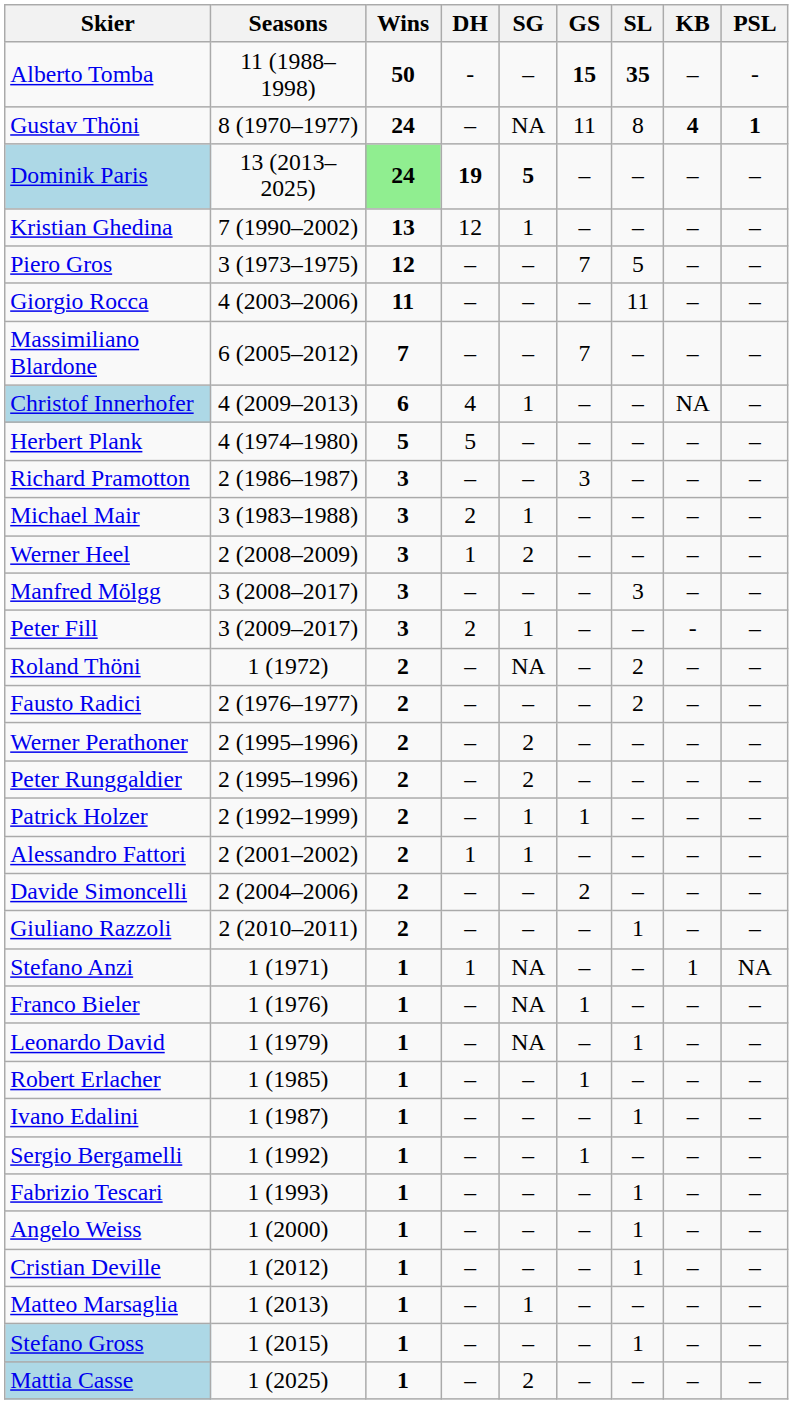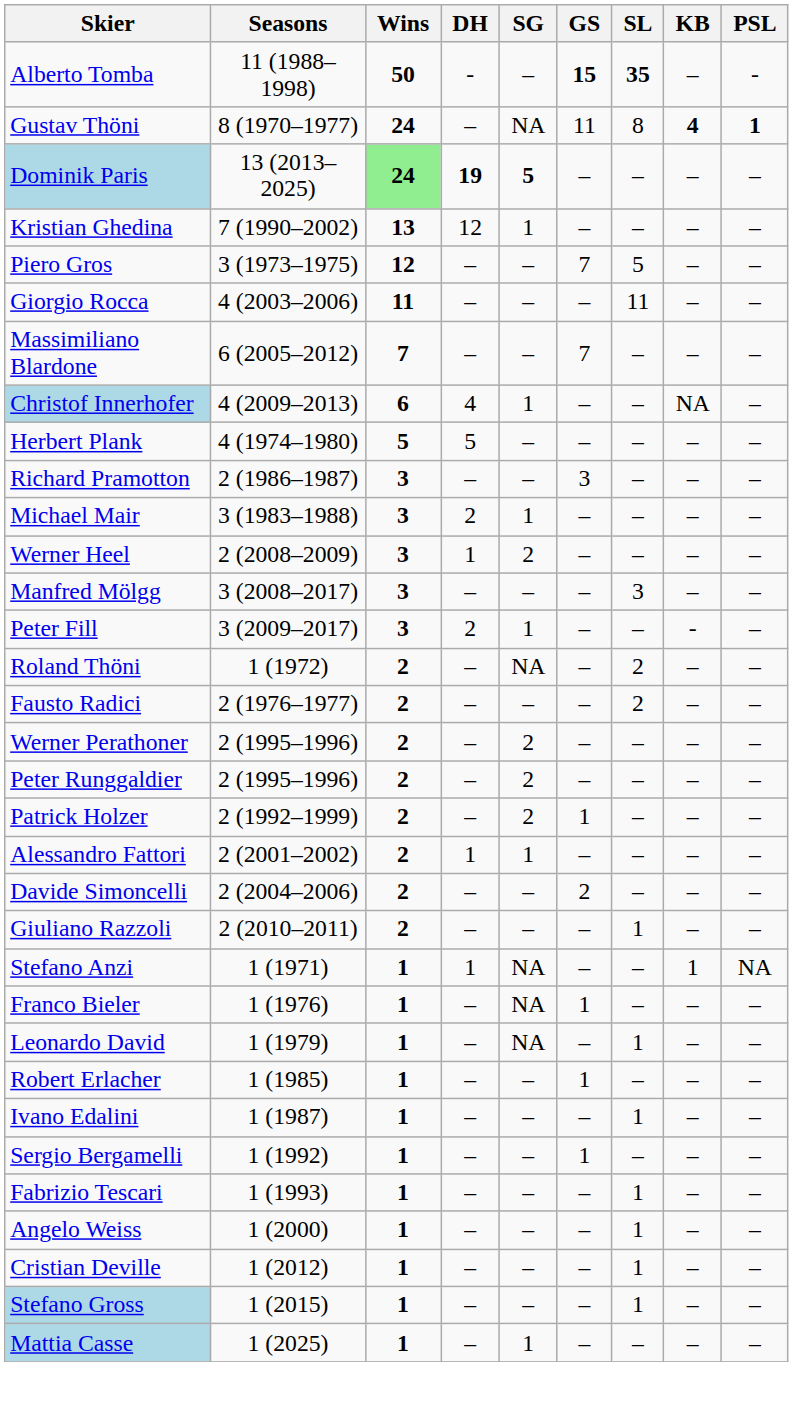 <table class="wikitable sorta le" width=60% style="font-size:100%; text-align:center;">
 <tr>
 <th style="width:20%">Skier</th>
 <th style="width:15%">Seasons</th>
 <th style="width:5%">Wins</th>
 <th style="width:5%">DH</th>
 <th style="width:5%">SG</th>
 <th style="width:5%">GS</th>
 <th style="width:5%">SL</th>
 <th style="width:5%">KB</th>
 <th style="width:5%">PSL</th>
 </tr>
 <tr>
 <td align=left><a href='#'>Alberto Tomba</a></td>
 <td>11 (1988–1998)</td>
 <td><strong>50</strong></td>
 <td>-</td>
 <td>–</td>
 <td><strong>15</strong></td>
 <td><strong>35</strong></td>
 <td>–</td>
 <td>-</td>
 </tr>
 <tr>
 <td align=left><a href='#'>Gustav Thöni</a></td>
 <td>8 (1970–1977)</td>
 <td><strong>24</strong></td>
 <td>–</td>
 <td>NA</td>
 <td>11</td>
 <td>8</td>
 <td><strong>4</strong></td>
 <td><strong>1</strong></td>
 </tr>
 <tr>
 <td bgcolor=lightblue align=left><a href='#'>Dominik Paris</a></td>
 <td>13 (2013–2025)</td>
 <td style="background: lightgreen;"><strong>24</strong></td>
 <td><strong>19</strong></td>
 <td><strong>5</strong></td>
 <td>–</td>
 <td>–</td>
 <td>–</td>
 <td>–</td>
 </tr>
 <tr>
 <td align=left><a href='#'>Kristian Ghedina</a></td>
 <td>7 (1990–2002)</td>
 <td><strong>13</strong></td>
 <td>12</td>
 <td>1</td>
 <td>–</td>
 <td>–</td>
 <td>–</td>
 <td>–</td>
 </tr>
 <tr>
 <td align=left><a href='#'>Piero Gros</a></td>
 <td>3 (1973–1975)</td>
 <td><strong>12</strong></td>
 <td>–</td>
 <td>–</td>
 <td>7</td>
 <td>5</td>
 <td>–</td>
 <td>–</td>
 </tr>
 <tr>
 <td align=left><a href='#'>Giorgio Rocca</a></td>
 <td>4 (2003–2006)</td>
 <td><strong>11</strong></td>
 <td>–</td>
 <td>–</td>
 <td>–</td>
 <td>11</td>
 <td>–</td>
 <td>–</td>
 </tr>
 <tr>
 <td align=left><a href='#'>Massimiliano Blardone</a></td>
 <td>6 (2005–2012)</td>
 <td><strong>7</strong></td>
 <td>–</td>
 <td>–</td>
 <td>7</td>
 <td>–</td>
 <td>–</td>
 <td>–</td>
 </tr>
 <tr>
 <td bgcolor=lightblue align=left><a href='#'>Christof Innerhofer</a></td>
 <td>4 (2009–2013)</td>
 <td><strong>6</strong></td>
 <td>4</td>
 <td>1</td>
 <td>–</td>
 <td>–</td>
 <td>NA</td>
 <td>–</td>
 </tr>
 <tr>
 <td align=left><a href='#'>Herbert Plank</a></td>
 <td>4 (1974–1980)</td>
 <td><strong>5</strong></td>
 <td>5</td>
 <td>–</td>
 <td>–</td>
 <td>–</td>
 <td>–</td>
 <td>–</td>
 </tr>
 <tr>
 <td align=left><a href='#'>Richard Pramotton</a></td>
 <td>2 (1986–1987)</td>
 <td><strong>3</strong></td>
 <td>–</td>
 <td>–</td>
 <td>3</td>
 <td>–</td>
 <td>–</td>
 <td>–</td>
 </tr>
 <tr>
 <td align=left><a href='#'>Michael Mair</a></td>
 <td>3 (1983–1988)</td>
 <td><strong>3</strong></td>
 <td>2</td>
 <td>1</td>
 <td>–</td>
 <td>–</td>
 <td>–</td>
 <td>–</td>
 </tr>
 <tr>
 <td align=left><a href='#'>Werner Heel</a></td>
 <td>2 (2008–2009)</td>
 <td><strong>3</strong></td>
 <td>1</td>
 <td>2</td>
 <td>–</td>
 <td>–</td>
 <td>–</td>
 <td>–</td>
 </tr>
 <tr>
 <td align=left><a href='#'>Manfred Mölgg</a></td>
 <td>3 (2008–2017)</td>
 <td><strong>3</strong></td>
 <td>–</td>
 <td>–</td>
 <td>–</td>
 <td>3</td>
 <td>–</td>
 <td>–</td>
 </tr>
 <tr>
 <td align=left><a href='#'>Peter Fill</a></td>
 <td>3 (2009–2017)</td>
 <td><strong>3</strong></td>
 <td>2</td>
 <td>1</td>
 <td>–</td>
 <td>–</td>
 <td>-</td>
 <td>–</td>
 </tr>
 <tr>
 <td align=left><a href='#'>Roland Thöni</a></td>
 <td>1 (1972)</td>
 <td><strong>2</strong></td>
 <td>–</td>
 <td>NA</td>
 <td>–</td>
 <td>2</td>
 <td>–</td>
 <td>–</td>
 </tr>
 <tr>
 <td align=left><a href='#'>Fausto Radici</a></td>
 <td>2 (1976–1977)</td>
 <td><strong>2</strong></td>
 <td>–</td>
 <td>–</td>
 <td>–</td>
 <td>2</td>
 <td>–</td>
 <td>–</td>
 </tr>
 <tr>
 <td align=left><a href='#'>Werner Perathoner</a></td>
 <td>2 (1995–1996)</td>
 <td><strong>2</strong></td>
 <td>–</td>
 <td>2</td>
 <td>–</td>
 <td>–</td>
 <td>–</td>
 <td>–</td>
 </tr>
 <tr>
 <td align=left><a href='#'>Peter Runggaldier</a></td>
 <td>2 (1995–1996)</td>
 <td><strong>2</strong></td>
 <td>–</td>
 <td>2</td>
 <td>–</td>
 <td>–</td>
 <td>–</td>
 <td>–</td>
 </tr>
 <tr>
 <td align=left><a href='#'>Patrick Holzer</a></td>
 <td>2 (1992–1999)</td>
 <td><strong>2</strong></td>
 <td>–</td>
-<td>1</td>
+<td>2</td>
 <td>1</td>
 <td>–</td>
 <td>–</td>
 <td>–</td>
 </tr>
 <tr>
 <td align=left><a href='#'>Alessandro Fattori</a></td>
 <td>2 (2001–2002)</td>
 <td><strong>2</strong></td>
 <td>1</td>
 <td>1</td>
 <td>–</td>
 <td>–</td>
 <td>–</td>
 <td>–</td>
 </tr>
 <tr>
 <td align=left><a href='#'>Davide Simoncelli</a></td>
 <td>2 (2004–2006)</td>
 <td><strong>2</strong></td>
 <td>–</td>
 <td>–</td>
 <td>2</td>
 <td>–</td>
 <td>–</td>
 <td>–</td>
 </tr>
 <tr>
 <td align=left><a href='#'>Giuliano Razzoli</a></td>
 <td>2 (2010–2011)</td>
 <td><strong>2</strong></td>
 <td>–</td>
 <td>–</td>
 <td>–</td>
 <td>1</td>
 <td>–</td>
 <td>–</td>
 </tr>
 <tr>
 <td align=left><a href='#'>Stefano Anzi</a></td>
 <td>1 (1971)</td>
 <td><strong>1</strong></td>
 <td>1</td>
 <td>NA</td>
 <td>–</td>
 <td>–</td>
 <td>1</td>
 <td>NA</td>
 </tr>
 <tr>
 <td align=left><a href='#'>Franco Bieler</a></td>
 <td>1 (1976)</td>
 <td><strong>1</strong></td>
 <td>–</td>
 <td>NA</td>
 <td>1</td>
 <td>–</td>
 <td>–</td>
 <td>–</td>
 </tr>
 <tr>
 <td align=left><a href='#'>Leonardo David</a></td>
 <td>1 (1979)</td>
 <td><strong>1</strong></td>
 <td>–</td>
 <td>NA</td>
 <td>–</td>
 <td>1</td>
 <td>–</td>
 <td>–</td>
 </tr>
 <tr>
 <td align=left><a href='#'>Robert Erlacher</a></td>
 <td>1 (1985)</td>
 <td><strong>1</strong></td>
 <td>–</td>
 <td>–</td>
 <td>1</td>
 <td>–</td>
 <td>–</td>
 <td>–</td>
 </tr>
 <tr>
 <td align=left><a href='#'>Ivano Edalini</a></td>
 <td>1 (1987)</td>
 <td><strong>1</strong></td>
 <td>–</td>
 <td>–</td>
 <td>–</td>
 <td>1</td>
 <td>–</td>
 <td>–</td>
 </tr>
 <tr>
 <td align=left><a href='#'>Sergio Bergamelli</a></td>
 <td>1 (1992)</td>
 <td><strong>1</strong></td>
 <td>–</td>
 <td>–</td>
 <td>1</td>
 <td>–</td>
 <td>–</td>
 <td>–</td>
 </tr>
 <tr>
 <td align=left><a href='#'>Fabrizio Tescari</a></td>
 <td>1 (1993)</td>
 <td><strong>1</strong></td>
 <td>–</td>
 <td>–</td>
 <td>–</td>
 <td>1</td>
 <td>–</td>
 <td>–</td>
 </tr>
 <tr>
 <td align=left><a href='#'>Angelo Weiss</a></td>
 <td>1 (2000)</td>
 <td><strong>1</strong></td>
 <td>–</td>
 <td>–</td>
 <td>–</td>
 <td>1</td>
 <td>–</td>
 <td>–</td>
 </tr>
 <tr>
 <td align=left><a href='#'>Cristian Deville</a></td>
 <td>1 (2012)</td>
 <td><strong>1</strong></td>
 <td>–</td>
 <td>–</td>
 <td>–</td>
 <td>1</td>
 <td>–</td>
 <td>–</td>
 </tr>
 <tr>
-<td align=left><a href='#'>Matteo Marsaglia</a></td>
-<td>1 (2013)</td>
-<td><strong>1</strong></td>
-<td>–</td>
-<td>1</td>
-<td>–</td>
-<td>–</td>
-<td>–</td>
-<td>–</td>
-</tr>
-<tr>
 <td bgcolor=lightblue align=left><a href='#'>Stefano Gross</a></td>
 <td>1 (2015)</td>
 <td><strong>1</strong></td>
 <td>–</td>
 <td>–</td>
 <td>–</td>
 <td>1</td>
 <td>–</td>
 <td>–</td>
 </tr>
 <tr>
 <td bgcolor=lightblue align=left><a href='#'>Mattia Casse</a></td>
 <td>1 (2025)</td>
 <td><strong>1</strong></td>
 <td>–</td>
-<td>2</td>
+<td>1</td>
 <td>–</td>
 <td>–</td>
 <td>–</td>
 <td>–</td>
 </tr>
 </table>
